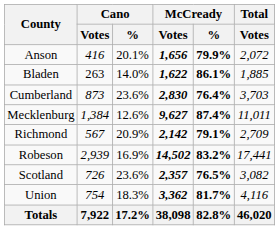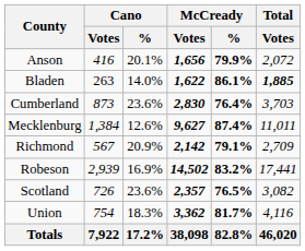 <table class="wikitable sortable" style="text-align:center">
 <tr>
 <th rowspan=2>County</th>
 <th colspan=2>Cano</th>
 <th colspan=2>McCready</th>
 <th>Total</th>
 </tr>
 <tr>
 <th>Votes</th>
 <th>%</th>
 <th>Votes</th>
 <th>%</th>
 <th data-sort-type=number>Votes</th>
 </tr>
 <tr>
 <td>Anson</td>
 <td><em>416</em></td>
 <td>20.1%</td>
 <td><strong><em>1,656</em></strong></td>
 <td><strong>79.9%</strong></td>
 <td><em>2,072</em></td>
 </tr>
 <tr>
 <td>Bladen</td>
 <td>263</td>
 <td>14.0%</td>
 <td><strong><em>1,622</em></strong></td>
 <td><strong>86.1%</strong></td>
-<td><em>1,885</em></td>
+<td><strong><em>1,885</em></strong></td>
 </tr>
 <tr>
 <td>Cumberland</td>
 <td><em>873</em></td>
 <td>23.6%</td>
 <td><strong><em>2,830</em></strong></td>
 <td><strong>76.4%</strong></td>
 <td><em>3,703</em></td>
 </tr>
 <tr>
 <td>Mecklenburg</td>
 <td><em>1,384</em></td>
 <td>12.6%</td>
 <td><strong><em>9,627</em></strong></td>
 <td><strong>87.4%</strong></td>
 <td><em>11,011</em></td>
 </tr>
 <tr>
 <td>Richmond</td>
 <td><em>567</em></td>
 <td>20.9%</td>
 <td><strong><em>2,142</em></strong></td>
 <td><strong>79.1%</strong></td>
 <td><em>2,709</em></td>
 </tr>
 <tr>
 <td>Robeson</td>
 <td><em>2,939</em></td>
 <td>16.9%</td>
 <td><strong><em>14,502</em></strong></td>
 <td><strong>83.2%</strong></td>
 <td><em>17,441</em></td>
 </tr>
 <tr>
 <td>Scotland</td>
 <td><em>726</em></td>
 <td>23.6%</td>
 <td><strong><em>2,357</em></strong></td>
 <td><strong>76.5%</strong></td>
 <td><em>3,082</em></td>
 </tr>
 <tr>
 <td>Union</td>
 <td><em>754</em></td>
 <td>18.3%</td>
 <td><strong><em>3,362</em></strong></td>
 <td><strong>81.7%</strong></td>
 <td><em>4,116</em></td>
 </tr>
 <tr>
 <th>Totals</th>
 <th>7,922</th>
 <th>17.2%</th>
 <th>38,098</th>
 <th>82.8%</th>
 <th>46,020</th>
 </tr>
 </table>
